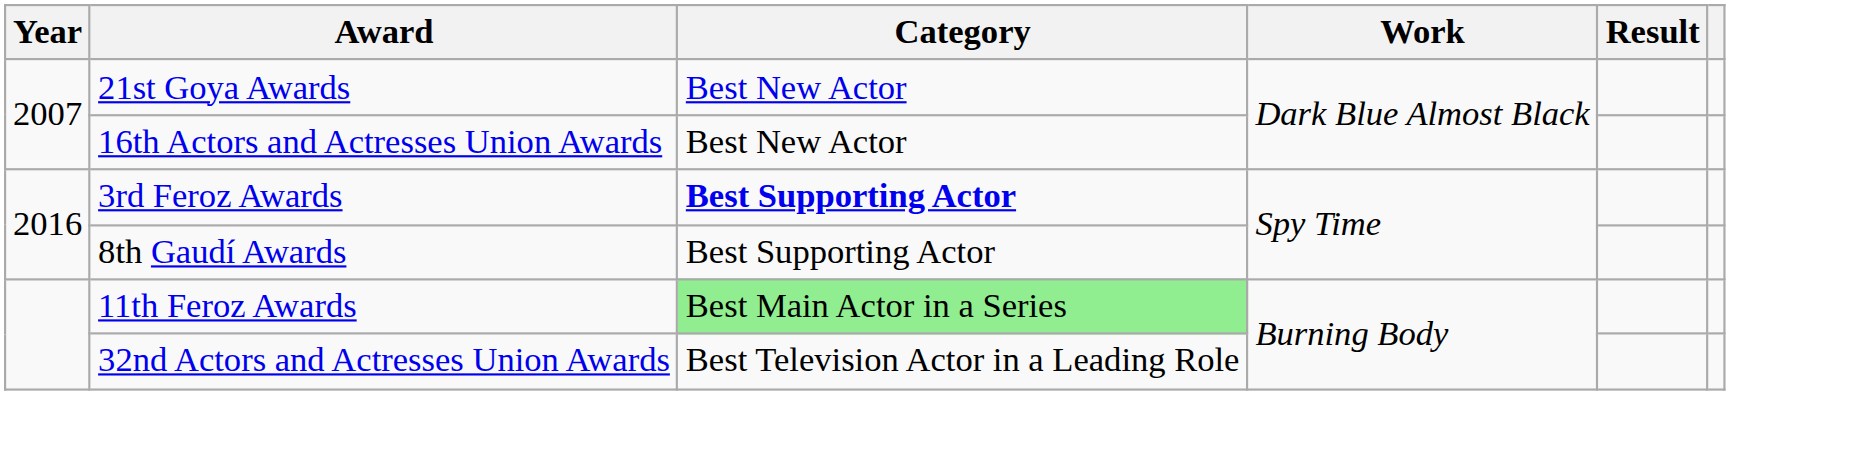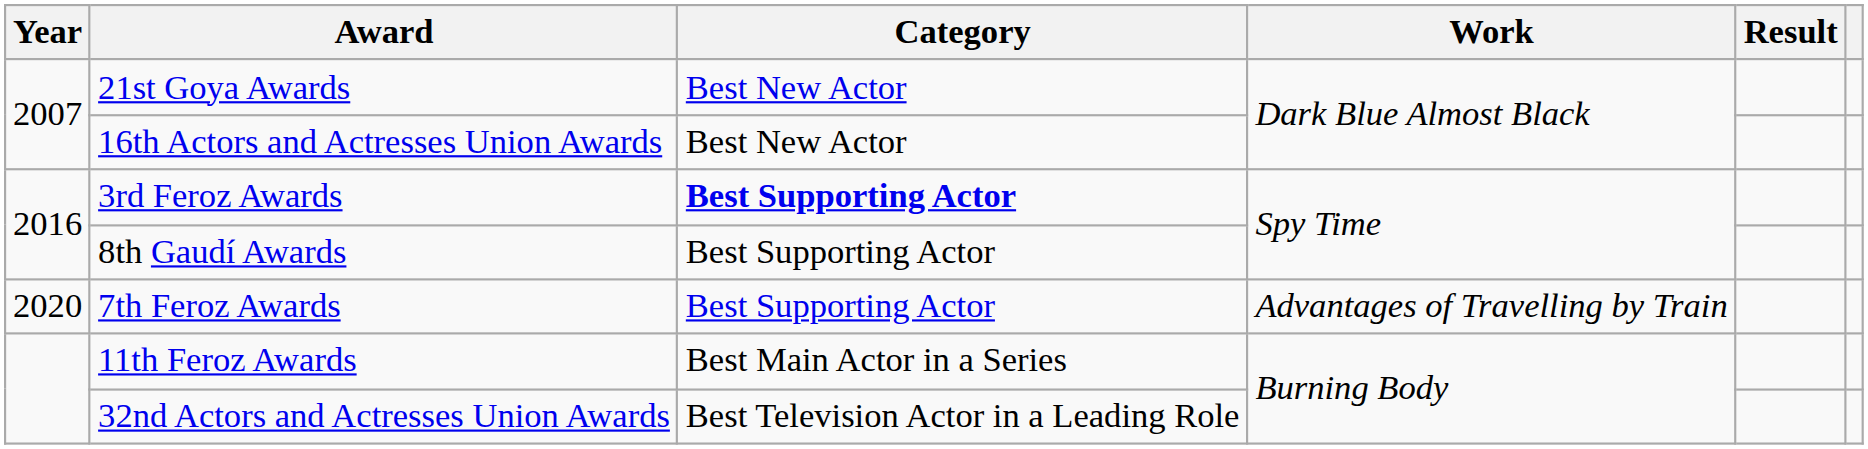 <table class="wikitable sortable plainrowheaders">
 <tr>
 <th>Year</th>
 <th>Award</th>
 <th>Category</th>
 <th>Work</th>
 <th>Result</th>
 <th scope="col" class="unsortable"></th>
 </tr>
 <tr>
 <td rowspan = "2" align = "center">2007</td>
 <td><a href='#'>21st Goya Awards</a></td>
 <td><a href='#'>Best New Actor</a></td>
 <td rowspan = "2"><em>Dark Blue Almost Black</em></td>
 <td></td>
 <td align="center"></td>
 </tr>
 <tr>
 <td><a href='#'>16th Actors and Actresses Union Awards</a></td>
 <td>Best New Actor</td>
 <td></td>
 <td align = "center"></td>
 </tr>
 <tr>
 <td rowspan = "2" align = "center">2016</td>
 <td><a href='#'>3rd Feroz Awards</a></td>
 <td><strong><a href='#'>Best Supporting Actor</a></strong></td>
 <td rowspan = "2"><em>Spy Time</em></td>
 <td></td>
 <td align = "center"></td>
 </tr>
 <tr>
 <td>8th <a href='#'>Gaudí Awards</a></td>
 <td>Best Supporting Actor</td>
 <td></td>
 <td align = "center"></td>
 </tr>
 <tr>
+<td align = "center">2020</td>
+<td><a href='#'>7th Feroz Awards</a></td>
+<td><a href='#'>Best Supporting Actor</a></td>
+<td><em>Advantages of Travelling by Train</em></td>
+<td></td>
+<td align = "center"></td>
+</tr>
+<tr>
 <td rowspan = "2"></td>
 <td><a href='#'>11th Feroz Awards</a></td>
-<td style="background: lightgreen;">Best Main Actor in a Series</td>
+<td>Best Main Actor in a Series</td>
 <td rowspan = "2"><em>Burning Body</em></td>
 <td></td>
 <td></td>
 </tr>
 <tr>
 <td><a href='#'>32nd Actors and Actresses Union Awards</a></td>
 <td>Best Television Actor in a Leading Role</td>
 <td></td>
 <td></td>
 </tr>
 </table>
